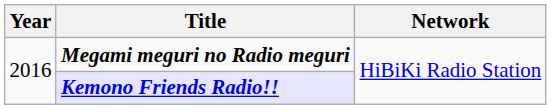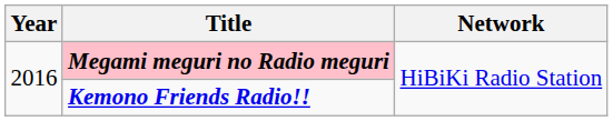 <table class="wikitable">
 <tr>
 <th>Year</th>
 <th>Title</th>
 <th>Network</th>
 </tr>
 <tr>
 <td rowspan="2">2016</td>
-<td><strong><em>Megami meguri no Radio meguri</em></strong></td>
+<td style="background: pink;"><strong><em>Megami meguri no Radio meguri</em></strong></td>
 <td rowspan="2"><a href='#'>HiBiKi Radio Station</a></td>
 </tr>
 <tr>
-<td style="background: lavender;"><strong><em><a href='#'>Kemono Friends Radio!!</a></em></strong></td>
+<td><strong><em><a href='#'>Kemono Friends Radio!!</a></em></strong></td>
 </tr>
 </table>
